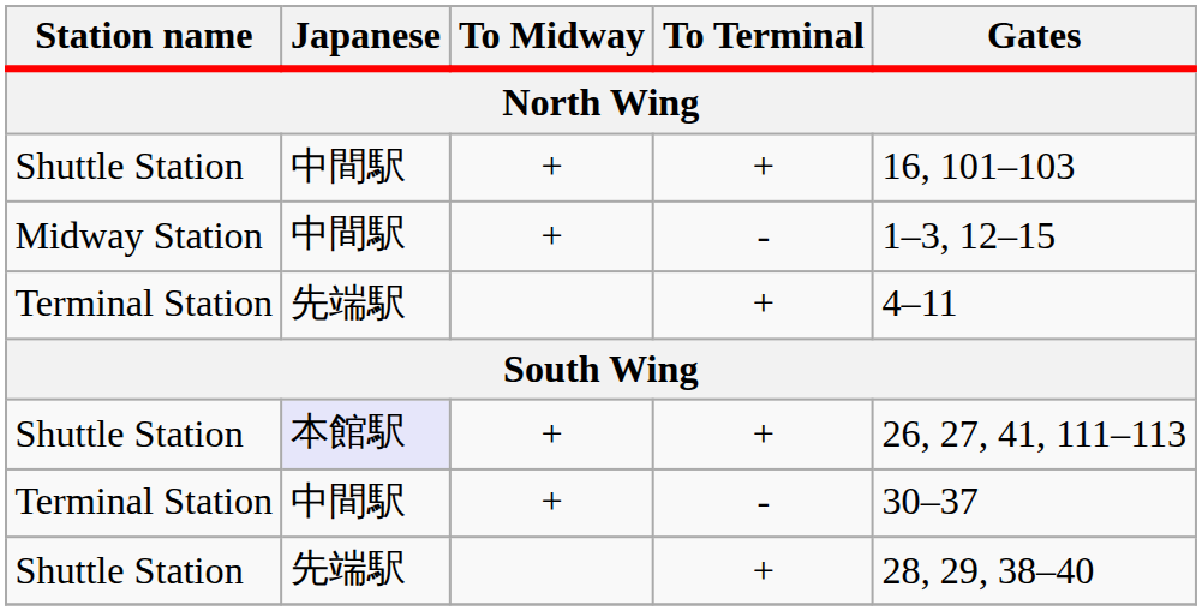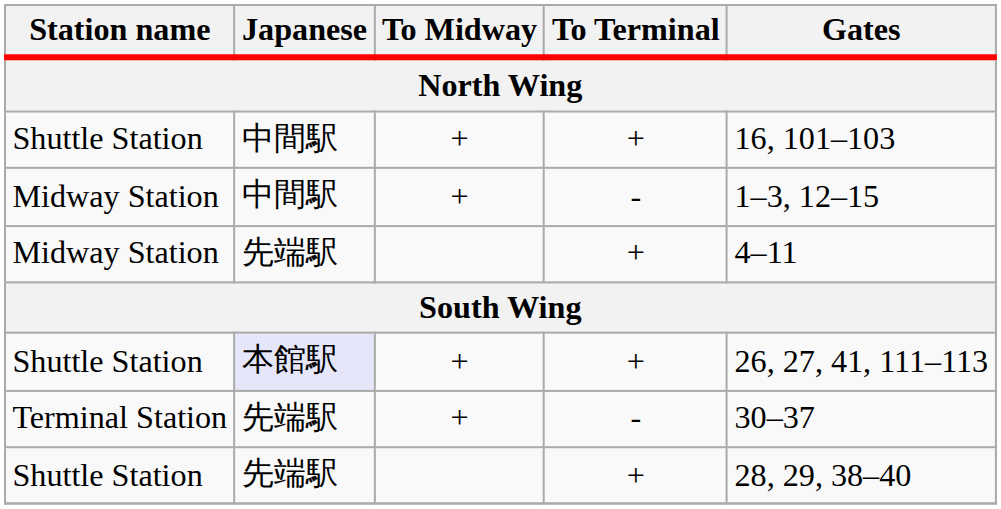 <table class="wikitable">
 <tr>
 <th>Station name</th>
 <th>Japanese</th>
 <th>To Midway</th>
 <th>To Terminal</th>
 <th>Gates</th>
 </tr>
 <tr style="border-top:3px solid red;">
 <th colspan="5">North Wing</th>
 </tr>
 <tr>
 <td>Shuttle Station</td>
 <td>中間駅</td>
 <td style="text-align:center;">+</td>
 <td style="text-align:center;">+</td>
 <td>16, 101–103</td>
 </tr>
 <tr>
 <td>Midway Station</td>
 <td>中間駅</td>
 <td style="text-align:center;">+</td>
 <td style="text-align:center;">-</td>
 <td>1–3, 12–15</td>
 </tr>
 <tr>
-<td>Terminal Station</td>
+<td>Midway Station</td>
 <td>先端駅</td>
 <td></td>
 <td style="text-align:center;">+</td>
 <td>4–11</td>
 </tr>
 <tr>
 <th colspan="5">South Wing</th>
 </tr>
 <tr>
 <td>Shuttle Station</td>
 <td style="background: lavender;">本館駅</td>
 <td style="text-align:center;">+</td>
 <td style="text-align:center;">+</td>
 <td>26, 27, 41, 111–113</td>
 </tr>
 <tr>
 <td>Terminal Station</td>
-<td>中間駅</td>
+<td>先端駅</td>
 <td style="text-align:center;">+</td>
 <td style="text-align:center;">-</td>
 <td>30–37</td>
 </tr>
 <tr>
 <td>Shuttle Station</td>
 <td>先端駅</td>
 <td></td>
 <td style="text-align:center;">+</td>
 <td>28, 29, 38–40</td>
 </tr>
 <tr>
 </tr>
 </table>
